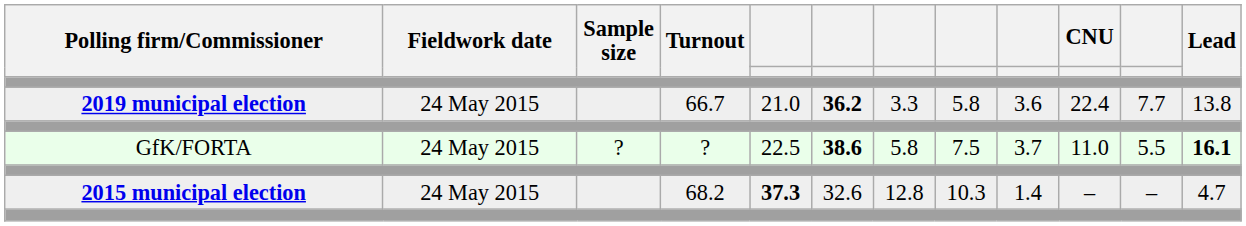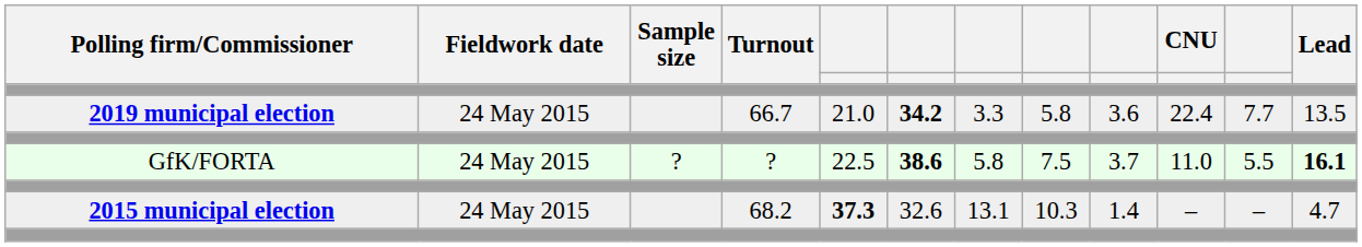 <table class="wikitable collapsible collapsed" style="text-align:center; font-size:95%; line-height:16px;">
 <tr style="height:42px;">
 <th style="width:250px;" rowspan="2">Polling firm/Commissioner</th>
 <th style="width:125px;" rowspan="2">Fieldwork date</th>
 <th style="width:50px;" rowspan="2">Sample size</th>
 <th style="width:45px;" rowspan="2">Turnout</th>
 <th style="width:35px;"></th>
 <th style="width:35px;"></th>
 <th style="width:35px;"></th>
 <th style="width:35px;"></th>
 <th style="width:35px;"></th>
 <th style="width:35px;">CNU</th>
 <th style="width:35px;"></th>
 <th style="width:30px;" rowspan="2">Lead</th>
 </tr>
 <tr>
 <th style="color:inherit;background:"></th>
 <th style="color:inherit;background:"></th>
 <th style="color:inherit;background:"></th>
 <th style="color:inherit;background:"></th>
 <th style="color:inherit;background:"></th>
 <th style="color:inherit;background:"></th>
 <th style="color:inherit;background:"></th>
 </tr>
 <tr>
 <td colspan="12" style="background:#A0A0A0"></td>
 </tr>
 <tr style="background:#EFEFEF;">
 <td><strong><a href='#'>2019 municipal election</a></strong></td>
 <td>24 May 2015</td>
 <td></td>
 <td>66.7</td>
 <td>21.0<br></td>
-<td><strong>36.2</strong><br></td>
+<td><strong>34.2</strong><br></td>
 <td>3.3<br></td>
 <td>5.8<br></td>
 <td>3.6<br></td>
 <td>22.4<br></td>
 <td>7.7<br></td>
-<td style="background:">13.8</td>
+<td style="background:">13.5</td>
 </tr>
 <tr>
 <td colspan="12" style="background:#A0A0A0"></td>
 </tr>
 <tr style="background:#EAFFEA;">
 <td>GfK/FORTA</td>
 <td>24 May 2015</td>
 <td>?</td>
 <td>?</td>
 <td>22.5<br></td>
 <td><strong>38.6</strong><br></td>
 <td>5.8<br></td>
 <td>7.5<br></td>
 <td>3.7<br></td>
 <td>11.0<br></td>
 <td>5.5<br></td>
 <td style="background:"><strong>16.1</strong></td>
 </tr>
 <tr>
 <td colspan="12" style="background:#A0A0A0"></td>
 </tr>
 <tr style="background:#EFEFEF;">
 <td><strong><a href='#'>2015 municipal election</a></strong></td>
 <td>24 May 2015</td>
 <td></td>
 <td>68.2</td>
 <td><strong>37.3</strong><br></td>
 <td>32.6<br></td>
-<td>12.8<br></td>
+<td>13.1<br></td>
 <td>10.3<br></td>
 <td>1.4<br></td>
 <td>–</td>
 <td>–</td>
 <td style="background:">4.7</td>
 </tr>
 <tr>
 <td colspan="12" style="background:#A0A0A0"></td>
 </tr>
 </table>
